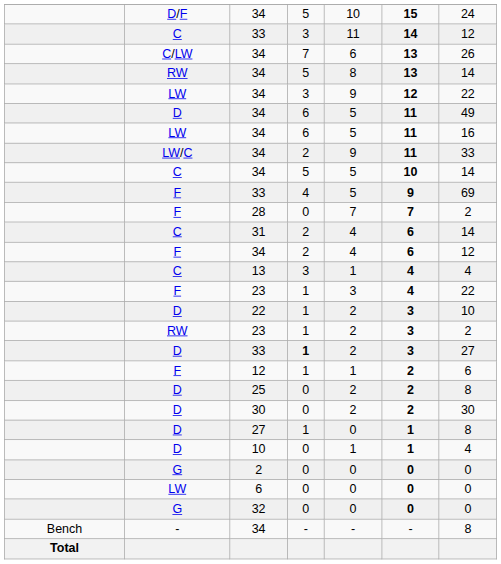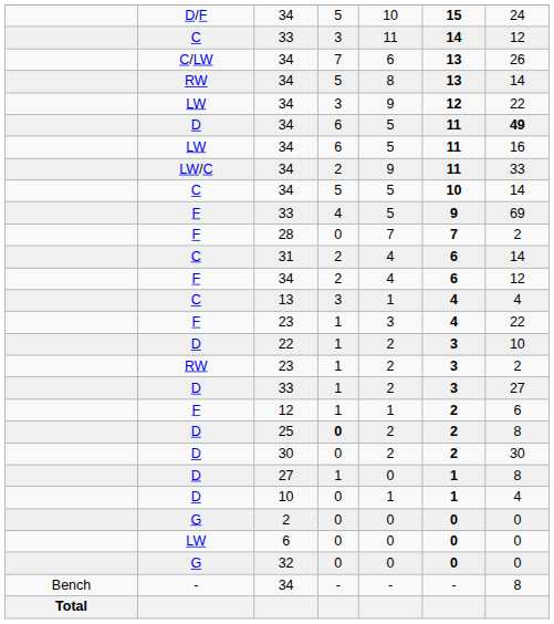 <table class="wikitable sortable" width ="50%">
 <tr align="center">
 </tr>
 <tr align="center" bgcolor="">
 <td></td>
 <td><a href='#'>D</a>/<a href='#'>F</a></td>
 <td>34</td>
 <td>5</td>
 <td>10</td>
 <td><strong>15</strong></td>
 <td>24</td>
 </tr>
 <tr align="center" bgcolor="f0f0f0">
 <td></td>
 <td><a href='#'>C</a></td>
 <td>33</td>
 <td>3</td>
 <td>11</td>
 <td><strong>14</strong></td>
 <td>12</td>
 </tr>
 <tr align="center" bgcolor="">
 <td></td>
 <td><a href='#'>C</a>/<a href='#'>LW</a></td>
 <td>34</td>
 <td>7</td>
 <td>6</td>
 <td><strong>13</strong></td>
 <td>26</td>
 </tr>
 <tr align="center" bgcolor="f0f0f0">
 <td></td>
 <td><a href='#'>RW</a></td>
 <td>34</td>
 <td>5</td>
 <td>8</td>
 <td><strong>13</strong></td>
 <td>14</td>
 </tr>
 <tr align="center" bgcolor="">
 <td></td>
 <td><a href='#'>LW</a></td>
 <td>34</td>
 <td>3</td>
 <td>9</td>
 <td><strong>12</strong></td>
 <td>22</td>
 </tr>
 <tr align="center" bgcolor="f0f0f0">
 <td></td>
 <td><a href='#'>D</a></td>
 <td>34</td>
 <td>6</td>
 <td>5</td>
 <td><strong>11</strong></td>
-<td>49</td>
+<td><strong>49</strong></td>
 </tr>
 <tr align="center" bgcolor="">
 <td></td>
 <td><a href='#'>LW</a></td>
 <td>34</td>
 <td>6</td>
 <td>5</td>
 <td><strong>11</strong></td>
 <td>16</td>
 </tr>
 <tr align="center" bgcolor="f0f0f0">
 <td></td>
 <td><a href='#'>LW</a>/<a href='#'>C</a></td>
 <td>34</td>
 <td>2</td>
 <td>9</td>
 <td><strong>11</strong></td>
 <td>33</td>
 </tr>
 <tr align="center" bgcolor="">
 <td></td>
 <td><a href='#'>C</a></td>
 <td>34</td>
 <td>5</td>
 <td>5</td>
 <td><strong>10</strong></td>
 <td>14</td>
 </tr>
 <tr align="center" bgcolor="f0f0f0">
 <td></td>
 <td><a href='#'>F</a></td>
 <td>33</td>
 <td>4</td>
 <td>5</td>
 <td><strong>9</strong></td>
 <td>69</td>
 </tr>
 <tr align="center" bgcolor="">
 <td></td>
 <td><a href='#'>F</a></td>
 <td>28</td>
 <td>0</td>
 <td>7</td>
 <td><strong>7</strong></td>
 <td>2</td>
 </tr>
 <tr align="center" bgcolor="f0f0f0">
 <td></td>
 <td><a href='#'>C</a></td>
 <td>31</td>
 <td>2</td>
 <td>4</td>
 <td><strong>6</strong></td>
 <td>14</td>
 </tr>
 <tr align="center" bgcolor="">
 <td></td>
 <td><a href='#'>F</a></td>
 <td>34</td>
 <td>2</td>
 <td>4</td>
 <td><strong>6</strong></td>
 <td>12</td>
 </tr>
 <tr align="center" bgcolor="f0f0f0">
 <td></td>
 <td><a href='#'>C</a></td>
 <td>13</td>
 <td>3</td>
 <td>1</td>
 <td><strong>4</strong></td>
 <td>4</td>
 </tr>
 <tr align="center" bgcolor="">
 <td></td>
 <td><a href='#'>F</a></td>
 <td>23</td>
 <td>1</td>
 <td>3</td>
 <td><strong>4</strong></td>
 <td>22</td>
 </tr>
 <tr align="center" bgcolor="f0f0f0">
 <td></td>
 <td><a href='#'>D</a></td>
 <td>22</td>
 <td>1</td>
 <td>2</td>
 <td><strong>3</strong></td>
 <td>10</td>
 </tr>
 <tr align="center" bgcolor="">
 <td></td>
 <td><a href='#'>RW</a></td>
 <td>23</td>
 <td>1</td>
 <td>2</td>
 <td><strong>3</strong></td>
 <td>2</td>
 </tr>
 <tr align="center" bgcolor="f0f0f0">
 <td></td>
 <td><a href='#'>D</a></td>
 <td>33</td>
-<td><strong>1</strong></td>
+<td>1</td>
 <td>2</td>
 <td><strong>3</strong></td>
 <td>27</td>
 </tr>
 <tr align="center" bgcolor="">
 <td></td>
 <td><a href='#'>F</a></td>
 <td>12</td>
 <td>1</td>
 <td>1</td>
 <td><strong>2</strong></td>
 <td>6</td>
 </tr>
 <tr align="center" bgcolor="f0f0f0">
 <td></td>
 <td><a href='#'>D</a></td>
 <td>25</td>
-<td>0</td>
+<td><strong>0</strong></td>
 <td>2</td>
 <td><strong>2</strong></td>
 <td>8</td>
 </tr>
 <tr align="center" bgcolor="">
 <td></td>
 <td><a href='#'>D</a></td>
 <td>30</td>
 <td>0</td>
 <td>2</td>
 <td><strong>2</strong></td>
 <td>30</td>
 </tr>
 <tr align="center" bgcolor="f0f0f0">
 <td></td>
 <td><a href='#'>D</a></td>
 <td>27</td>
 <td>1</td>
 <td>0</td>
 <td><strong>1</strong></td>
 <td>8</td>
 </tr>
 <tr align="center" bgcolor="">
 <td></td>
 <td><a href='#'>D</a></td>
 <td>10</td>
 <td>0</td>
 <td>1</td>
 <td><strong>1</strong></td>
 <td>4</td>
 </tr>
 <tr align="center" bgcolor="f0f0f0">
 <td></td>
 <td><a href='#'>G</a></td>
 <td>2</td>
 <td>0</td>
 <td>0</td>
 <td><strong>0</strong></td>
 <td>0</td>
 </tr>
 <tr align="center" bgcolor="">
 <td></td>
 <td><a href='#'>LW</a></td>
 <td>6</td>
 <td>0</td>
 <td>0</td>
 <td><strong>0</strong></td>
 <td>0</td>
 </tr>
 <tr align="center" bgcolor="f0f0f0">
 <td></td>
 <td><a href='#'>G</a></td>
 <td>32</td>
 <td>0</td>
 <td>0</td>
 <td><strong>0</strong></td>
 <td>0</td>
 </tr>
 <tr align="center" bgcolor="">
 <td>Bench</td>
 <td>-</td>
 <td>34</td>
 <td>-</td>
 <td>-</td>
 <td>-</td>
 <td>8</td>
 </tr>
 <tr>
 <th>Total</th>
 <th></th>
 <th></th>
 <th></th>
 <th></th>
 <th></th>
 <th></th>
 </tr>
 </table>
